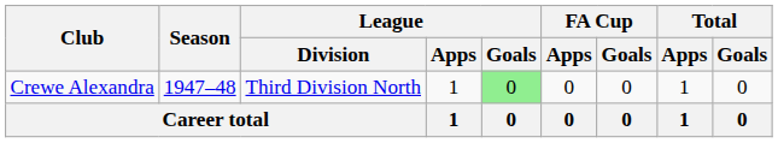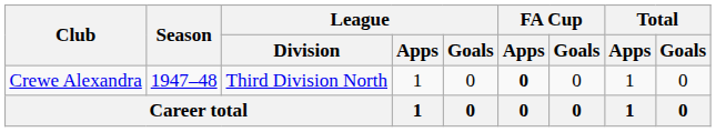 <table class="wikitable" style="text-align: center;">
 <tr>
 <th rowspan=2>Club</th>
 <th rowspan=2>Season</th>
 <th colspan=3>League</th>
 <th colspan=2>FA Cup</th>
 <th colspan=2>Total</th>
 </tr>
 <tr>
 <th>Division</th>
 <th>Apps</th>
 <th>Goals</th>
 <th>Apps</th>
 <th>Goals</th>
 <th>Apps</th>
 <th>Goals</th>
 </tr>
 <tr>
 <td><a href='#'>Crewe Alexandra</a></td>
 <td><a href='#'>1947–48</a></td>
 <td><a href='#'>Third Division North</a></td>
 <td>1</td>
-<td style="background: lightgreen;">0</td>
 <td>0</td>
+<td><strong>0</strong></td>
 <td>0</td>
 <td>1</td>
 <td>0</td>
 </tr>
 <tr>
 <th colspan=3>Career total</th>
 <th>1</th>
 <th>0</th>
 <th>0</th>
 <th>0</th>
 <th>1</th>
 <th>0</th>
 </tr>
 </table>
